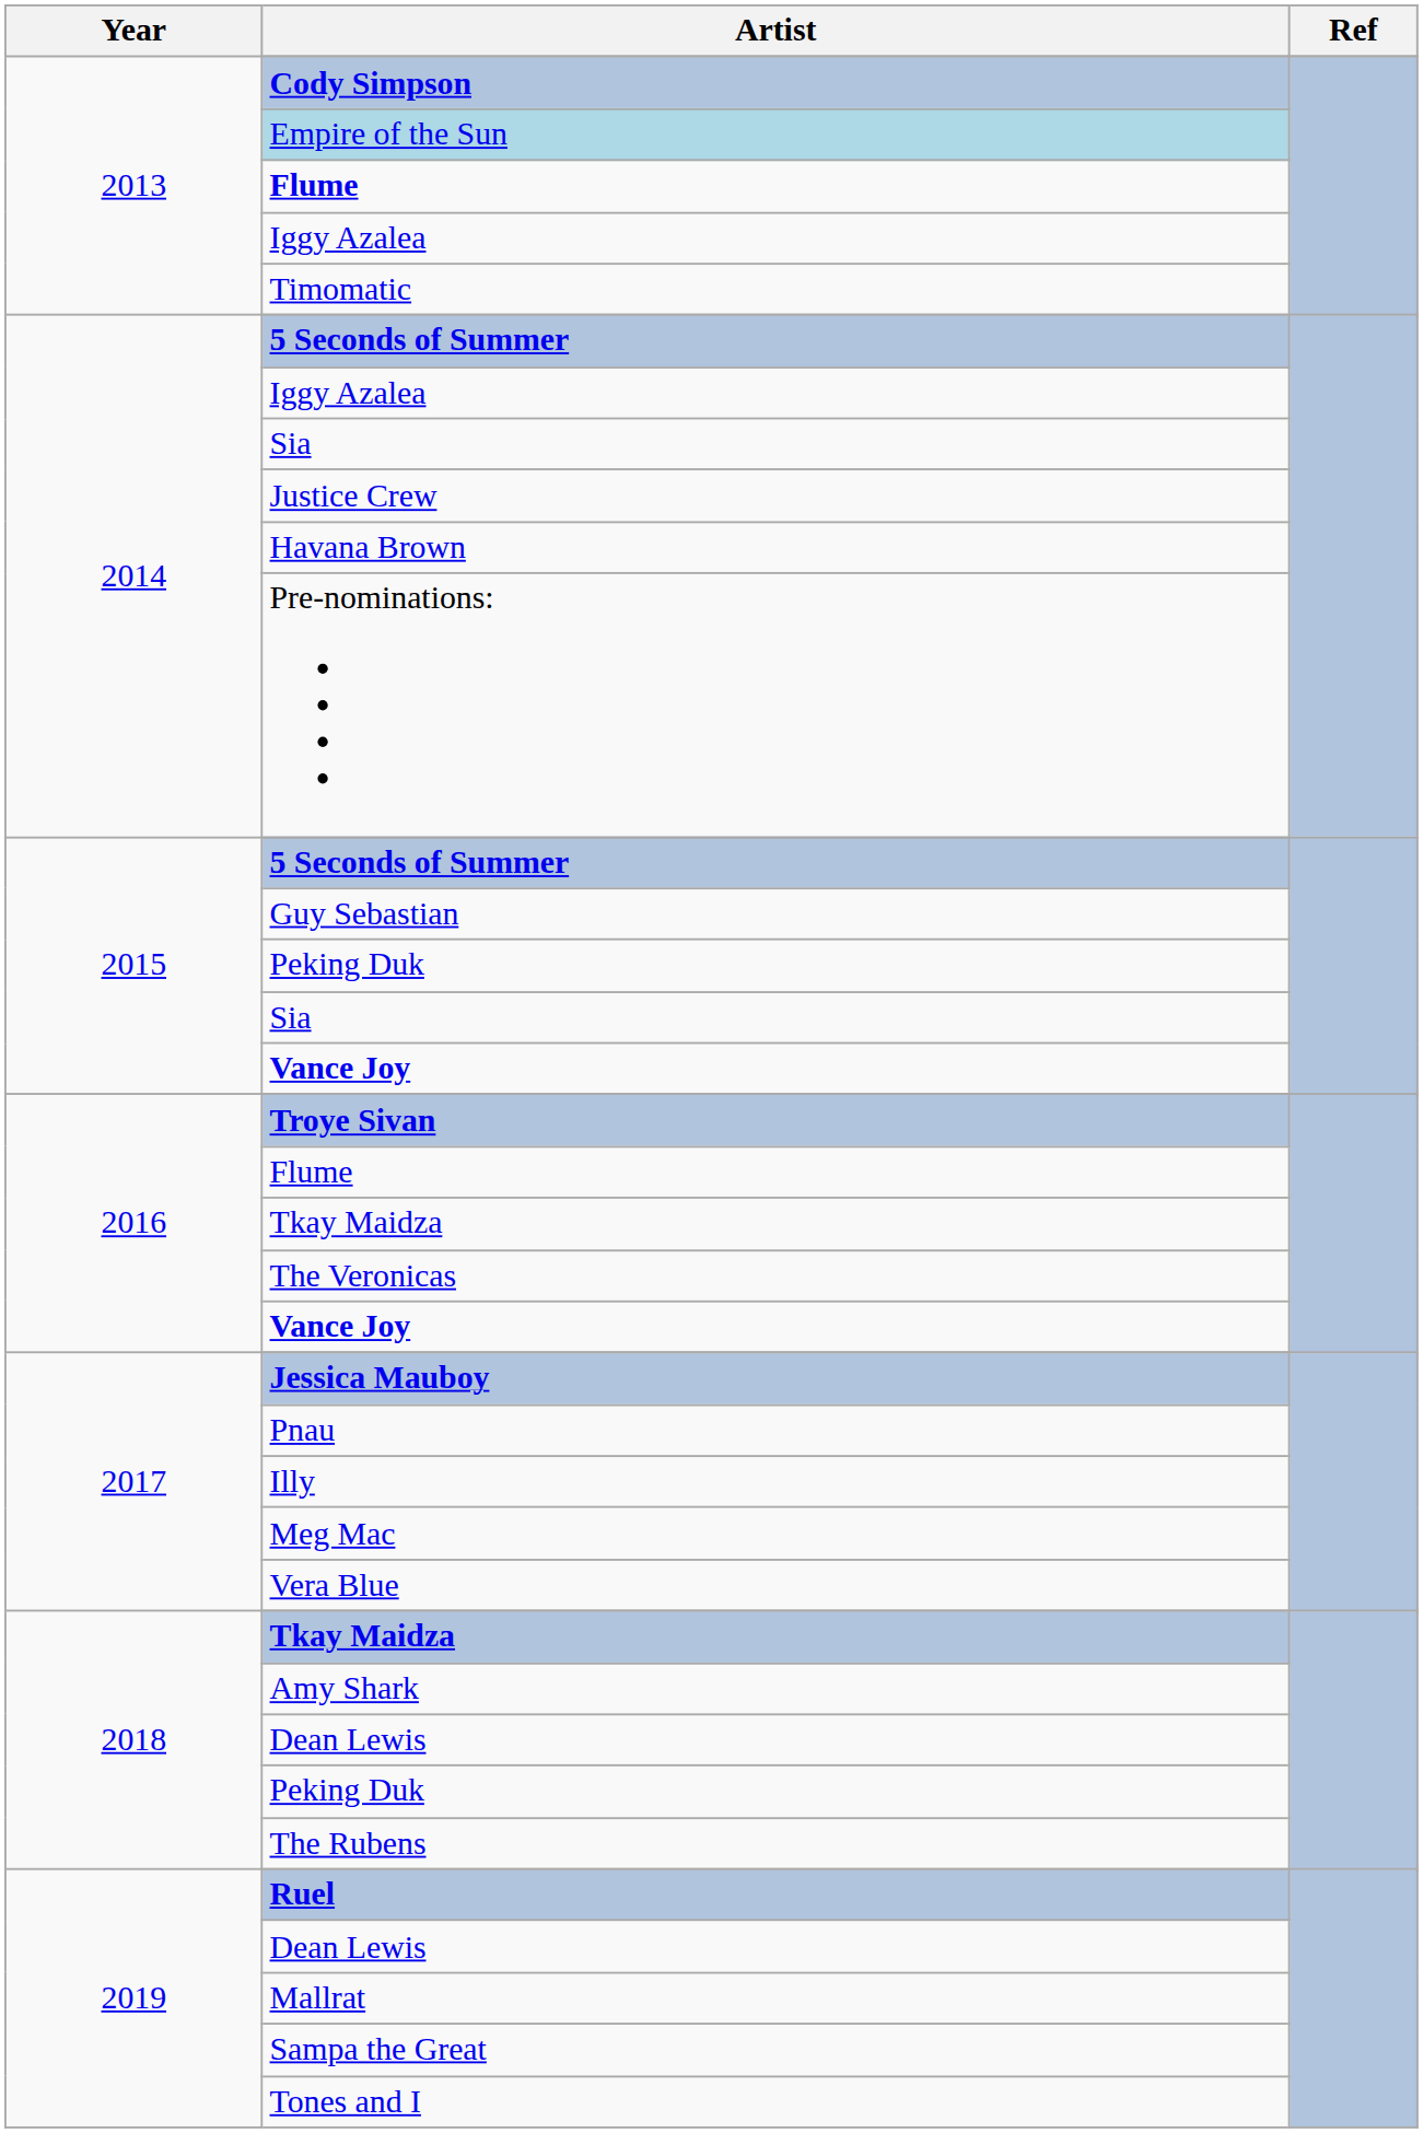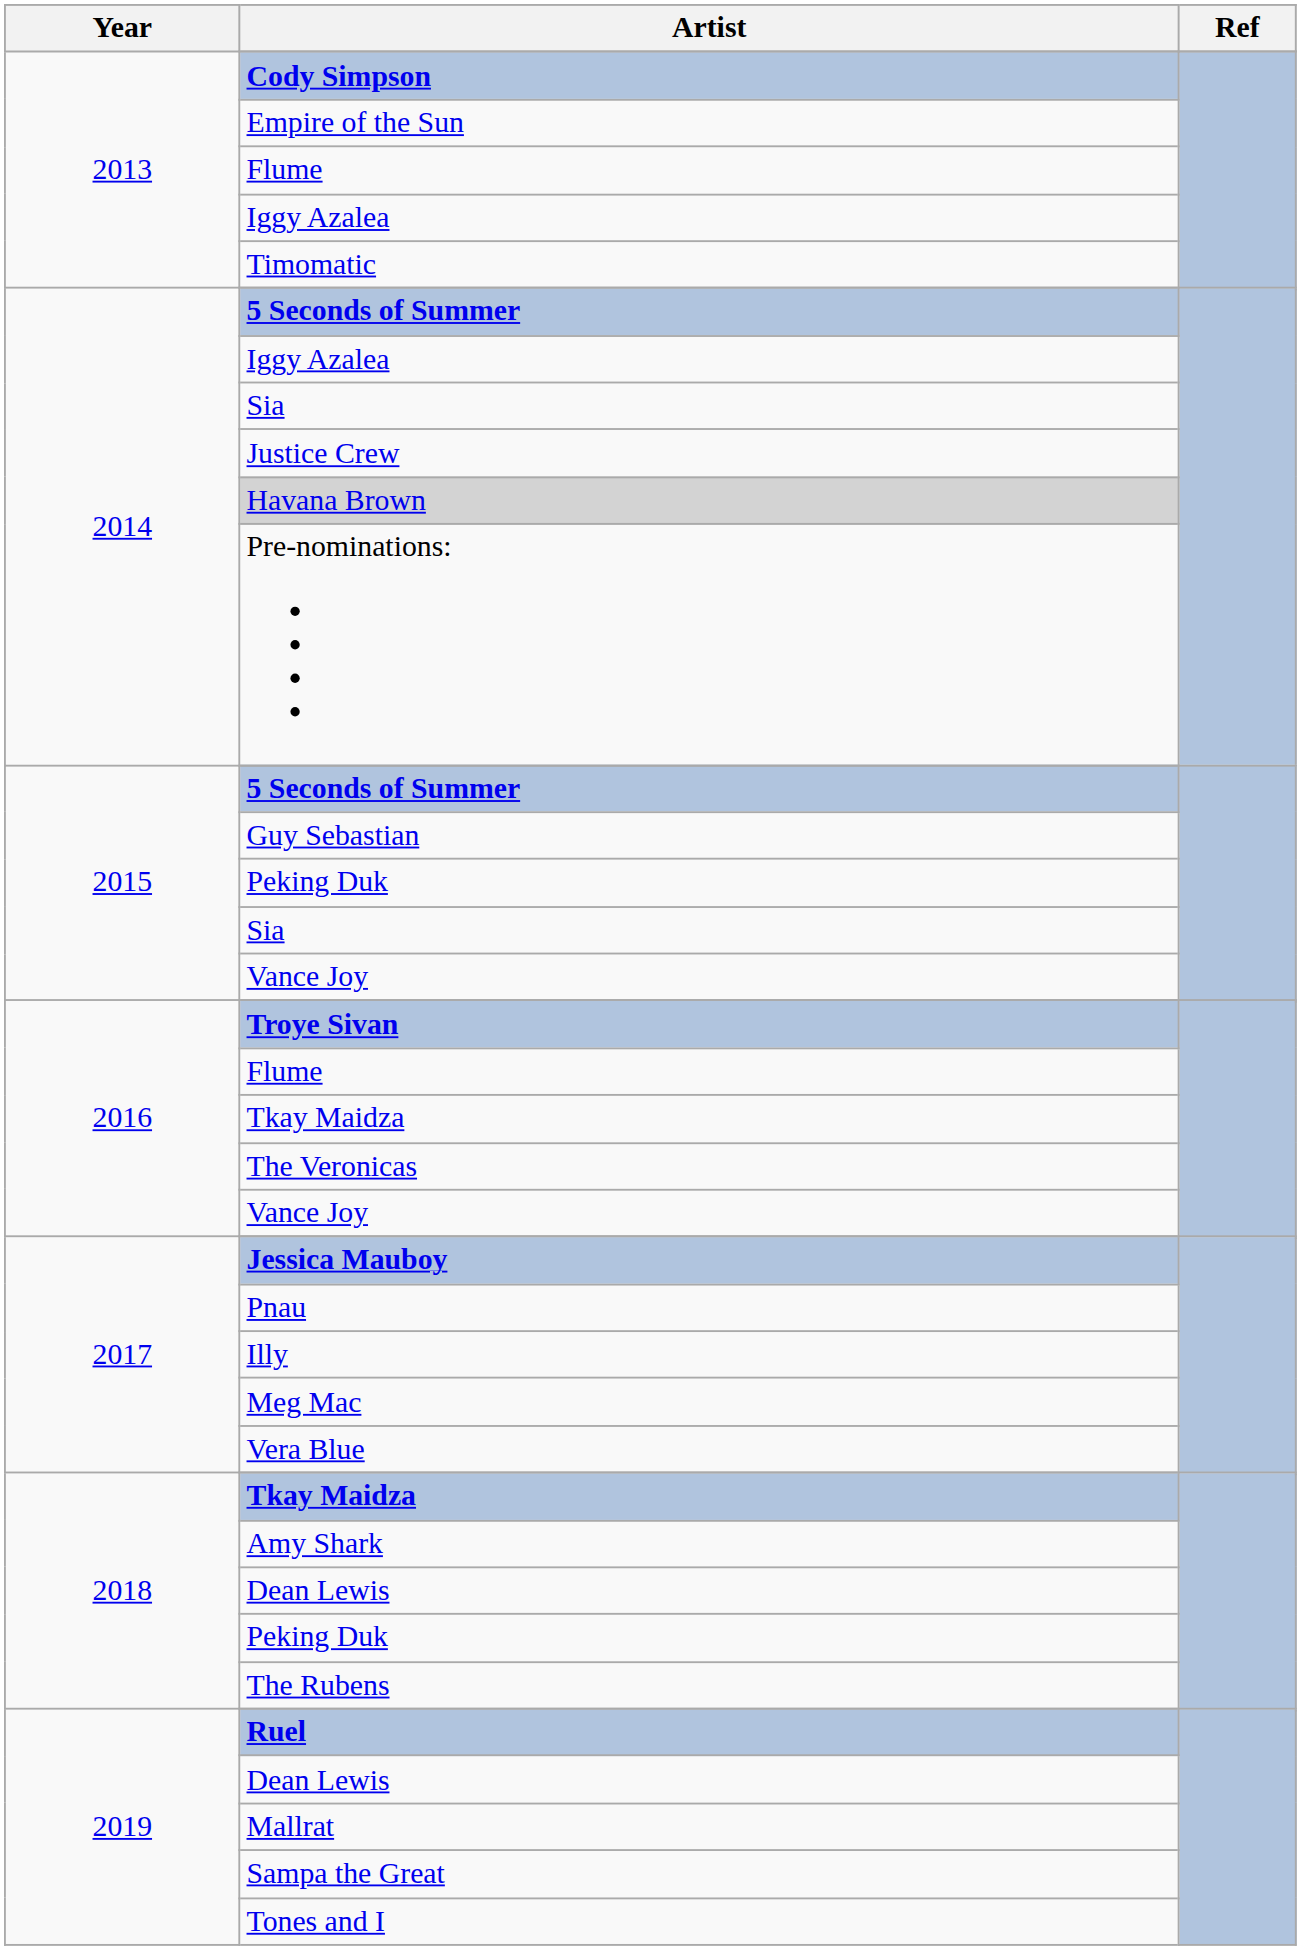 <table class="wikitable" style="width:55%;">
 <tr style="background:#bebebe;">
 <th style="width:10%;">Year</th>
 <th style="width:40%;">Artist</th>
 <th style="width:5%;">Ref</th>
 </tr>
 <tr>
 <td rowspan="6" align="center"><a href='#'>2013</a></td>
 </tr>
 <tr style="background:#B0C4DE">
 <td><strong><a href='#'>Cody Simpson</a></strong></td>
 <td rowspan="6" align="center"></td>
 </tr>
 <tr>
-<td style="background: lightblue;"><a href='#'>Empire of the Sun</a></td>
+<td><a href='#'>Empire of the Sun</a></td>
 </tr>
 <tr>
-<td><strong><a href='#'>Flume</a></strong></td>
+<td><a href='#'>Flume</a></td>
 </tr>
 <tr>
 <td><a href='#'>Iggy Azalea</a></td>
 </tr>
 <tr>
 <td><a href='#'>Timomatic</a></td>
 </tr>
 <tr>
 <td rowspan="7" align="center"><a href='#'>2014</a></td>
 </tr>
 <tr style="background:#B0C4DE">
 <td><strong><a href='#'>5 Seconds of Summer</a></strong></td>
 <td rowspan="7" align="center"></td>
 </tr>
 <tr>
 <td><a href='#'>Iggy Azalea</a></td>
 </tr>
 <tr>
 <td><a href='#'>Sia</a></td>
 </tr>
 <tr>
 <td><a href='#'>Justice Crew</a></td>
 </tr>
 <tr>
-<td><a href='#'>Havana Brown</a></td>
+<td style="background: lightgrey;"><a href='#'>Havana Brown</a></td>
 </tr>
 <tr>
 <td>Pre-nominations:<br><ul><li></li><li></li><li></li><li></li></ul></td>
 </tr>
 <tr>
 <td rowspan="6" align="center"><a href='#'>2015</a></td>
 </tr>
 <tr style="background:#B0C4DE">
 <td><strong><a href='#'>5 Seconds of Summer</a></strong></td>
 <td rowspan="6" align="center"></td>
 </tr>
 <tr>
 <td><a href='#'>Guy Sebastian</a></td>
 </tr>
 <tr>
 <td><a href='#'>Peking Duk</a></td>
 </tr>
 <tr>
 <td><a href='#'>Sia</a></td>
 </tr>
 <tr>
-<td><strong><a href='#'>Vance Joy</a></strong></td>
+<td><a href='#'>Vance Joy</a></td>
 </tr>
 <tr>
 <td rowspan="6" align="center"><a href='#'>2016</a></td>
 </tr>
 <tr style="background:#B0C4DE">
 <td><strong><a href='#'>Troye Sivan</a></strong></td>
 <td rowspan="6" align="center"></td>
 </tr>
 <tr>
 <td><a href='#'>Flume</a></td>
 </tr>
 <tr>
 <td><a href='#'>Tkay Maidza</a></td>
 </tr>
 <tr>
 <td><a href='#'>The Veronicas</a></td>
 </tr>
 <tr>
-<td><strong><a href='#'>Vance Joy</a></strong></td>
+<td><a href='#'>Vance Joy</a></td>
 </tr>
 <tr>
 <td rowspan="6" align="center"><a href='#'>2017</a></td>
 </tr>
 <tr style="background:#B0C4DE">
 <td><strong><a href='#'>Jessica Mauboy</a></strong></td>
 <td rowspan="6" align="center"></td>
 </tr>
 <tr>
 <td><a href='#'>Pnau</a></td>
 </tr>
 <tr>
 <td><a href='#'>Illy</a></td>
 </tr>
 <tr>
 <td><a href='#'>Meg Mac</a></td>
 </tr>
 <tr>
 <td><a href='#'>Vera Blue</a></td>
 </tr>
 <tr>
 <td rowspan="6" align="center"><a href='#'>2018</a></td>
 </tr>
 <tr style="background:#B0C4DE">
 <td><strong><a href='#'>Tkay Maidza</a></strong></td>
 <td rowspan="6" align="center"></td>
 </tr>
 <tr>
 <td><a href='#'>Amy Shark</a></td>
 </tr>
 <tr>
 <td><a href='#'>Dean Lewis</a></td>
 </tr>
 <tr>
 <td><a href='#'>Peking Duk</a></td>
 </tr>
 <tr>
 <td><a href='#'>The Rubens</a></td>
 </tr>
 <tr>
 <td rowspan="6" align="center"><a href='#'>2019</a></td>
 </tr>
 <tr style="background:#B0C4DE">
 <td><strong><a href='#'>Ruel</a></strong></td>
 <td rowspan="6" align="center"></td>
 </tr>
 <tr>
 <td><a href='#'>Dean Lewis</a></td>
 </tr>
 <tr>
 <td><a href='#'>Mallrat</a></td>
 </tr>
 <tr>
 <td><a href='#'>Sampa the Great</a></td>
 </tr>
 <tr>
 <td><a href='#'>Tones and I</a></td>
 </tr>
 </table>
